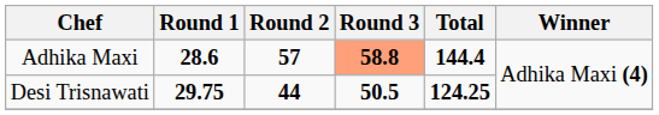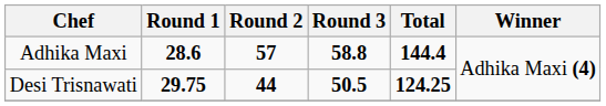 <table class="wikitable"  style="float:left; margin:auto; text-align:center;">
 <tr>
 <th>Chef</th>
 <th>Round 1</th>
 <th>Round 2</th>
 <th>Round 3</th>
 <th>Total</th>
 <th>Winner</th>
 </tr>
 <tr>
 <td>Adhika Maxi</td>
 <td><strong>28.6</strong></td>
 <td><strong>57</strong></td>
-<td style="background: lightsalmon;"><strong>58.8</strong></td>
+<td><strong>58.8</strong></td>
 <td><strong>144.4</strong></td>
 <td rowspan=2>Adhika Maxi <strong>(4)</strong></td>
 </tr>
 <tr>
 <td>Desi Trisnawati</td>
 <td><strong>29.75</strong></td>
 <td><strong>44</strong></td>
 <td><strong>50.5</strong></td>
 <td><strong>124.25</strong></td>
 </tr>
 <tr>
 </tr>
 </table>
